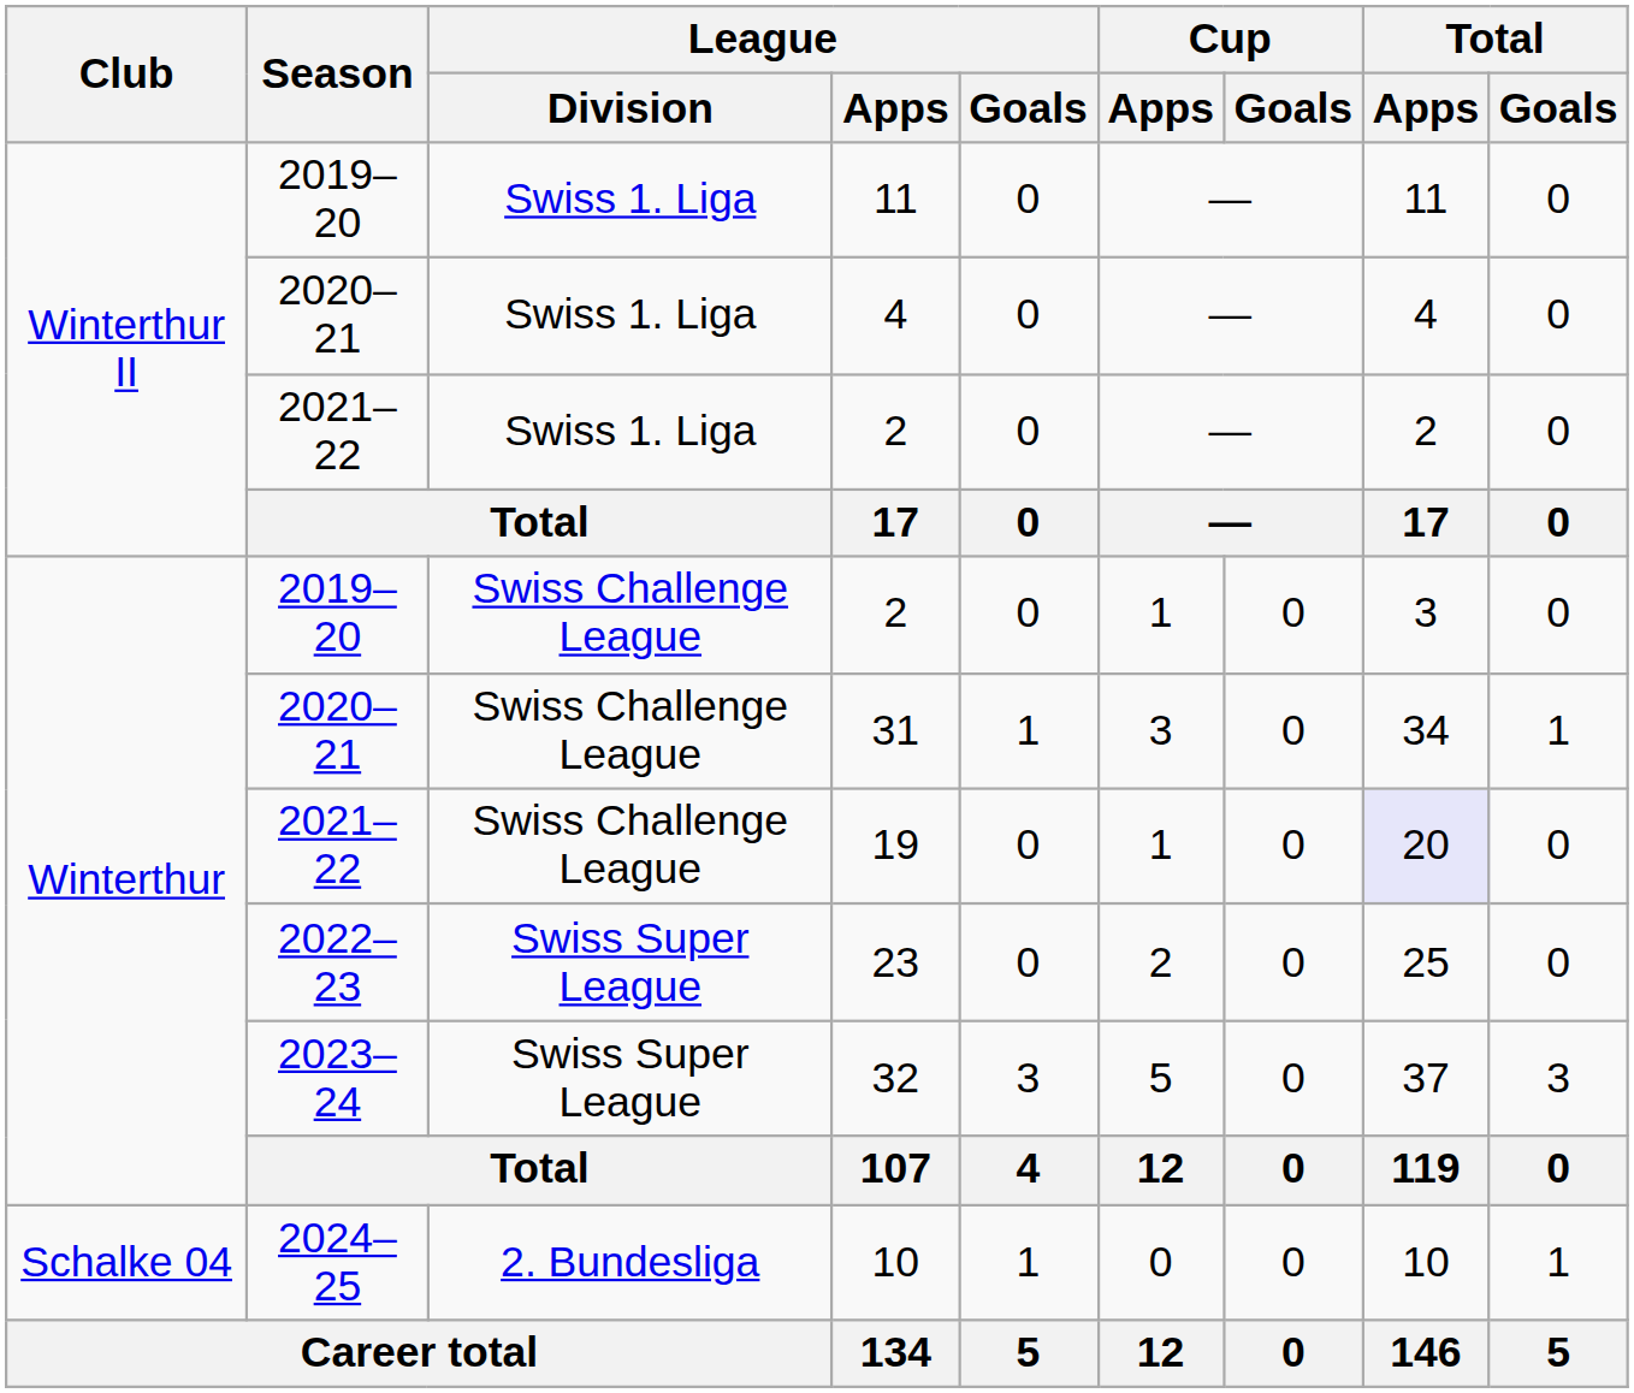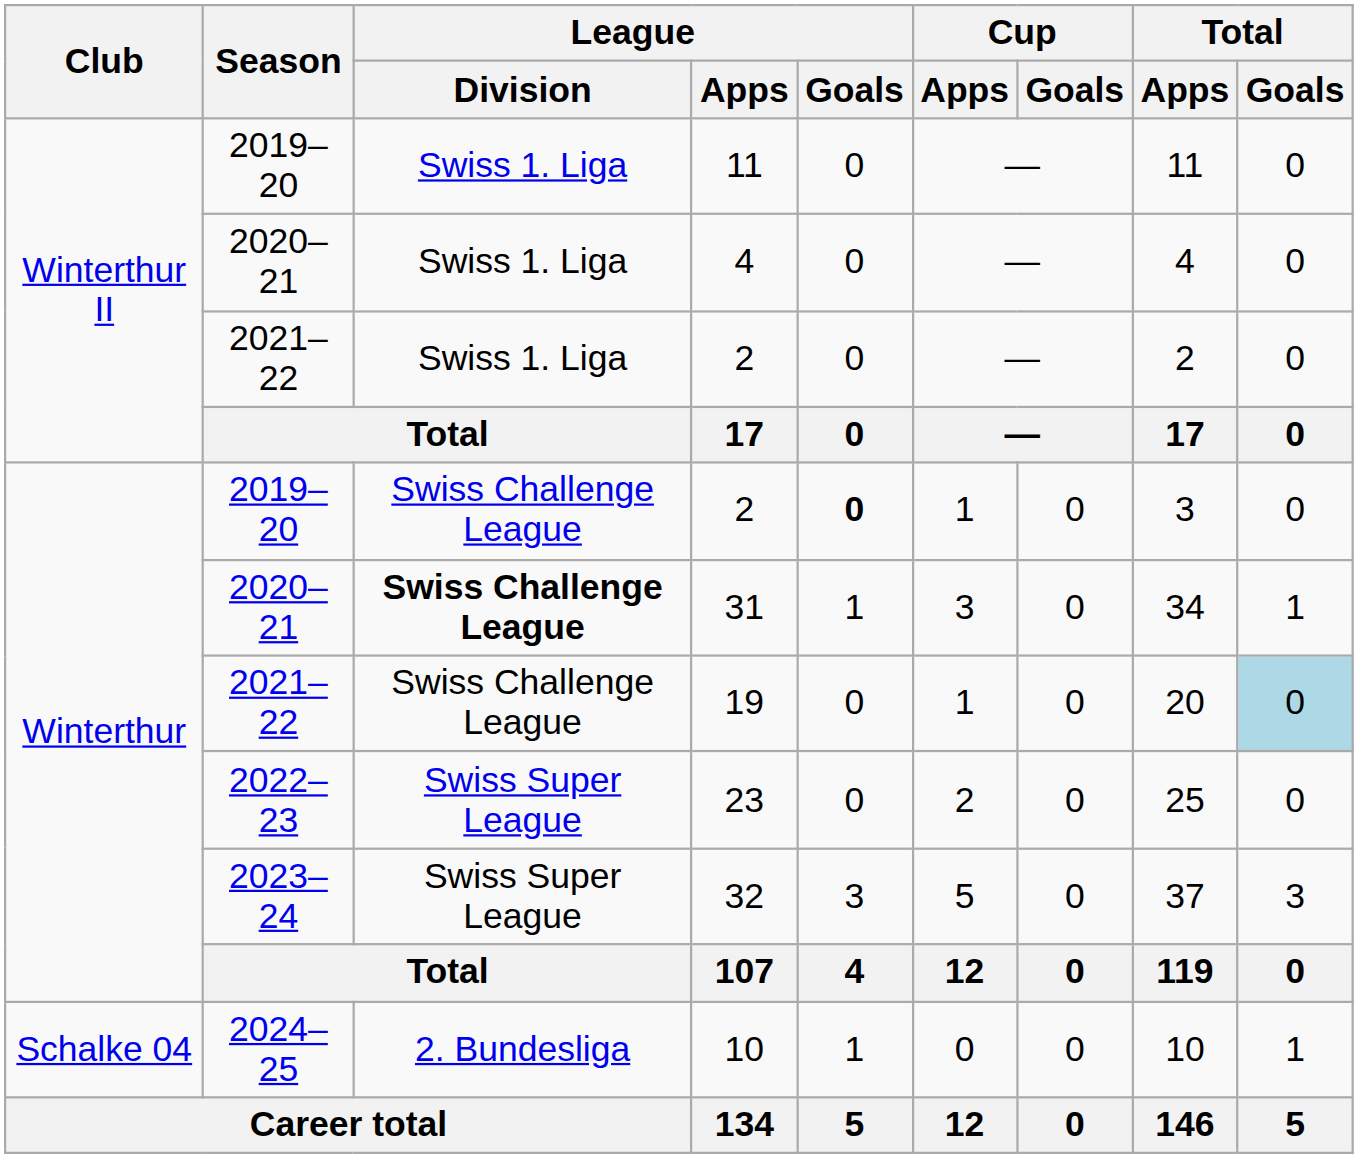 <table class="wikitable" style="text-align:center">
 <tr>
 <th rowspan="2">Club</th>
 <th rowspan="2">Season</th>
 <th colspan="3">League</th>
 <th colspan="2">Cup</th>
 <th colspan="2">Total</th>
 </tr>
 <tr>
 <th>Division</th>
 <th>Apps</th>
 <th>Goals</th>
 <th>Apps</th>
 <th>Goals</th>
 <th>Apps</th>
 <th>Goals</th>
 </tr>
 <tr>
 <td rowspan=4><a href='#'>Winterthur II</a></td>
 <td>2019–20</td>
 <td><a href='#'>Swiss 1. Liga</a></td>
 <td>11</td>
 <td>0</td>
 <td colspan="2">—</td>
 <td>11</td>
 <td>0</td>
 </tr>
 <tr>
 <td>2020–21</td>
 <td>Swiss 1. Liga</td>
 <td>4</td>
 <td>0</td>
 <td colspan="2">—</td>
 <td>4</td>
 <td>0</td>
 </tr>
 <tr>
 <td>2021–22</td>
 <td>Swiss 1. Liga</td>
 <td>2</td>
 <td>0</td>
 <td colspan="2">—</td>
 <td>2</td>
 <td>0</td>
 </tr>
 <tr>
 <th colspan="2">Total</th>
 <th>17</th>
 <th>0</th>
 <th colspan="2">—</th>
 <th>17</th>
 <th>0</th>
 </tr>
 <tr>
 <td rowspan=6><a href='#'>Winterthur</a></td>
 <td><a href='#'>2019–20</a></td>
 <td><a href='#'>Swiss Challenge League</a></td>
 <td>2</td>
-<td>0</td>
+<td><strong>0</strong></td>
 <td>1</td>
 <td>0</td>
 <td>3</td>
 <td>0</td>
 </tr>
 <tr>
 <td><a href='#'>2020–21</a></td>
-<td>Swiss Challenge League</td>
+<td><strong>Swiss Challenge League</strong></td>
 <td>31</td>
 <td>1</td>
 <td>3</td>
 <td>0</td>
 <td>34</td>
 <td>1</td>
 </tr>
 <tr>
 <td><a href='#'>2021–22</a></td>
 <td>Swiss Challenge League</td>
 <td>19</td>
 <td>0</td>
 <td>1</td>
 <td>0</td>
-<td style="background: lavender;">20</td>
-<td>0</td>
+<td>20</td>
+<td style="background: lightblue;">0</td>
 </tr>
 <tr>
 <td><a href='#'>2022–23</a></td>
 <td><a href='#'>Swiss Super League</a></td>
 <td>23</td>
 <td>0</td>
 <td>2</td>
 <td>0</td>
 <td>25</td>
 <td>0</td>
 </tr>
 <tr>
 <td><a href='#'>2023–24</a></td>
 <td>Swiss Super League</td>
 <td>32</td>
 <td>3</td>
 <td>5</td>
 <td>0</td>
 <td>37</td>
 <td>3</td>
 </tr>
 <tr>
 <th colspan="2">Total</th>
 <th>107</th>
 <th>4</th>
 <th>12</th>
 <th>0</th>
 <th>119</th>
 <th>0</th>
 </tr>
 <tr>
 <td><a href='#'>Schalke 04</a></td>
 <td><a href='#'>2024–25</a></td>
 <td><a href='#'>2. Bundesliga</a></td>
 <td>10</td>
 <td>1</td>
 <td>0</td>
 <td>0</td>
 <td>10</td>
 <td>1</td>
 </tr>
 <tr>
 <th colspan="3">Career total</th>
 <th>134</th>
 <th>5</th>
 <th>12</th>
 <th>0</th>
 <th>146</th>
 <th>5</th>
 </tr>
 </table>
